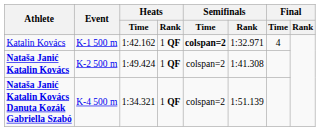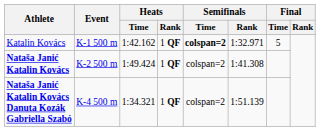 <table class=wikitable style="font-size:90%">
 <tr>
 <th rowspan="2">Athlete</th>
 <th rowspan="2">Event</th>
 <th colspan="2">Heats</th>
 <th colspan="2">Semifinals</th>
 <th colspan="2">Final</th>
 </tr>
 <tr style="font-size:95%">
 <th>Time</th>
 <th>Rank</th>
 <th>Time</th>
 <th>Rank</th>
 <th>Time</th>
 <th>Rank</th>
 </tr>
 <tr align=center>
 <td align=left><a href='#'>Katalin Kovács</a></td>
 <td align=left><a href='#'>K-1 500 m</a></td>
 <td>1:42.162</td>
 <td>1 <strong>QF</strong></td>
 <td><strong>colspan=2 </strong></td>
 <td>1:32.971</td>
-<td>4</td>
+<td>5</td>
 </tr>
 <tr align=center>
 <td align=left><strong><a href='#'>Nataša Janić</a><br><a href='#'>Katalin Kovács</a></strong></td>
 <td align=left><a href='#'>K-2 500 m</a></td>
 <td>1:49.424</td>
 <td>1 <strong>QF</strong></td>
 <td>colspan=2 </td>
 <td>1:41.308</td>
 <td></td>
 </tr>
 <tr align=center>
 <td align=left><strong><a href='#'>Nataša Janić</a><br><a href='#'>Katalin Kovács</a><br><a href='#'>Danuta Kozák</a><br><a href='#'>Gabriella Szabó</a></strong></td>
 <td align=left><a href='#'>K-4 500 m</a></td>
 <td>1:34.321</td>
 <td>1 <strong>QF</strong></td>
 <td>colspan=2 </td>
 <td>1:51.139</td>
 <td></td>
 </tr>
 </table>
